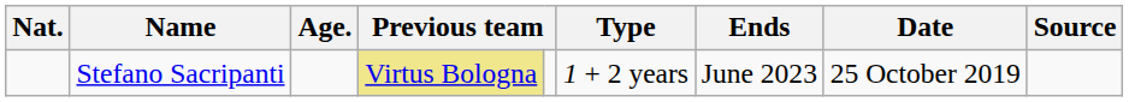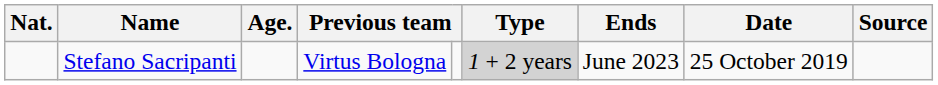 <table class="wikitable sortable">
 <tr>
 <th>Nat.</th>
 <th>Name</th>
 <th>Age.</th>
 <th colspan=2>Previous team</th>
 <th>Type</th>
 <th>Ends</th>
 <th>Date</th>
 <th>Source</th>
 </tr>
 <tr>
 <td style="text-align: center;"></td>
 <td><a href='#'>Stefano Sacripanti</a></td>
 <td style="text-align: center;"></td>
-<td style="background: khaki;"><a href='#'>Virtus Bologna</a></td>
+<td><a href='#'>Virtus Bologna</a></td>
 <td style="text-align: center;"></td>
-<td><em>1</em> + 2 years</td>
+<td style="background: lightgrey;"><em>1</em> + 2 years</td>
 <td>June 2023</td>
 <td>25 October 2019</td>
 <td style="text-align: center;"></td>
 </tr>
 </table>
